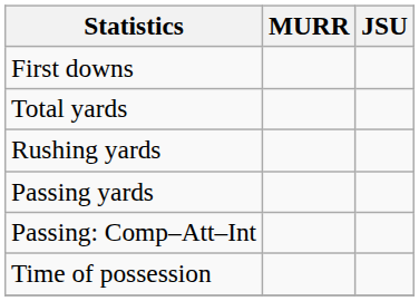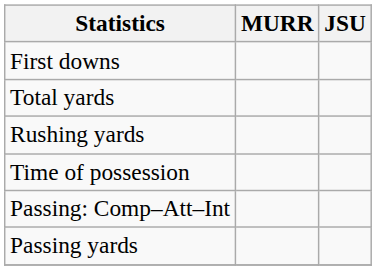 <table class="wikitable" style="float: left;">
 <tr>
 <th>Statistics</th>
 <th>MURR</th>
 <th>JSU</th>
 </tr>
 <tr>
 <td>First downs</td>
 <td></td>
 <td></td>
 </tr>
 <tr>
 <td>Total yards</td>
 <td></td>
 <td></td>
 </tr>
 <tr>
 <td>Rushing yards</td>
 <td></td>
 <td></td>
 </tr>
 <tr>
-<td>Passing yards</td>
+<td>Time of possession</td>
 <td></td>
 <td></td>
 </tr>
 <tr>
 <td>Passing: Comp–Att–Int</td>
 <td></td>
 <td></td>
 </tr>
 <tr>
-<td>Time of possession</td>
+<td>Passing yards</td>
 <td></td>
 <td></td>
 </tr>
 <tr>
 </tr>
 </table>
